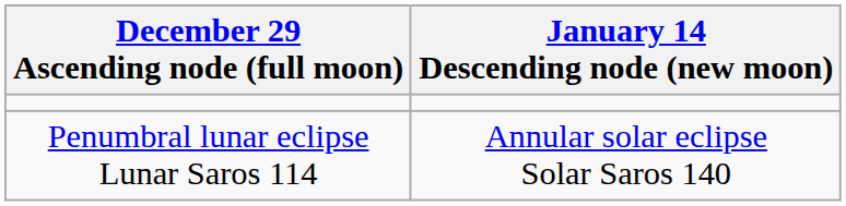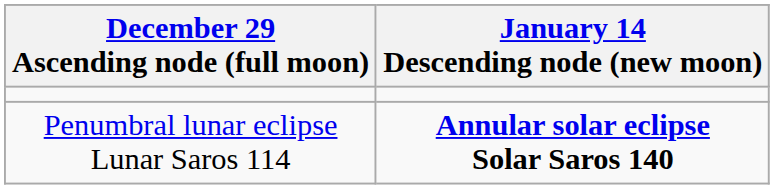 <table class="wikitable">
 <tr>
 <th><a href='#'>December 29</a><br>Ascending node (full moon)</th>
 <th><a href='#'>January 14</a><br>Descending node (new moon)</th>
 </tr>
 <tr>
 <td></td>
 <td></td>
 </tr>
 <tr align=center>
 <td><a href='#'>Penumbral lunar eclipse</a><br>Lunar Saros 114</td>
-<td><a href='#'>Annular solar eclipse</a><br>Solar Saros 140</td>
+<td><strong><a href='#'>Annular solar eclipse</a><br>Solar Saros 140</strong></td>
 </tr>
 </table>
